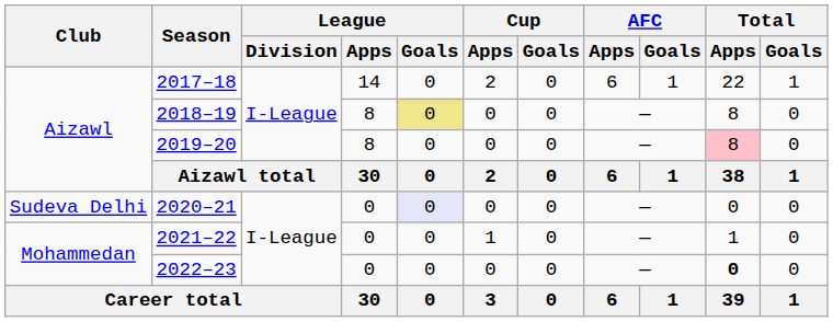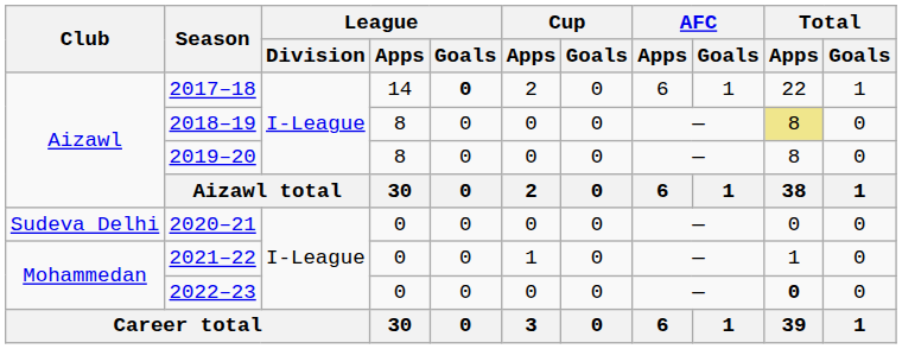 <table class="wikitable" style="text-align: center;">
 <tr>
 <th rowspan="2">Club</th>
 <th rowspan="2">Season</th>
 <th colspan="3">League</th>
 <th colspan="2">Cup</th>
 <th colspan="2"><a href='#'>AFC</a></th>
 <th colspan="2">Total</th>
 </tr>
 <tr>
 <th>Division</th>
 <th>Apps</th>
 <th>Goals</th>
 <th>Apps</th>
 <th>Goals</th>
 <th>Apps</th>
 <th>Goals</th>
 <th>Apps</th>
 <th>Goals</th>
 </tr>
 <tr>
 <td rowspan="4"><a href='#'>Aizawl</a></td>
 <td><a href='#'>2017–18</a></td>
 <td rowspan="3"><a href='#'>I-League</a></td>
 <td>14</td>
-<td>0</td>
+<td><strong>0</strong></td>
 <td>2</td>
 <td>0</td>
 <td>6</td>
 <td>1</td>
 <td>22</td>
 <td>1</td>
 </tr>
 <tr>
 <td><a href='#'>2018–19</a></td>
 <td>8</td>
-<td style="background: khaki;">0</td>
+<td>0</td>
 <td>0</td>
 <td>0</td>
 <td colspan="2">—</td>
-<td>8</td>
+<td style="background: khaki;">8</td>
 <td>0</td>
 </tr>
 <tr>
 <td><a href='#'>2019–20</a></td>
 <td>8</td>
 <td>0</td>
 <td>0</td>
 <td>0</td>
 <td colspan="2">—</td>
-<td style="background: pink;">8</td>
+<td>8</td>
 <td>0</td>
 </tr>
 <tr>
 <th colspan="2">Aizawl total</th>
 <th>30</th>
 <th>0</th>
 <th>2</th>
 <th>0</th>
 <th>6</th>
 <th>1</th>
 <th>38</th>
 <th>1</th>
 </tr>
 <tr>
 <td rowspan="1"><a href='#'>Sudeva Delhi</a></td>
 <td><a href='#'>2020–21</a></td>
 <td rowspan="3">I-League</td>
 <td>0</td>
-<td style="background: lavender;">0</td>
+<td>0</td>
 <td>0</td>
 <td>0</td>
 <td colspan="2">—</td>
 <td>0</td>
 <td>0</td>
 </tr>
 <tr>
 <td rowspan="2"><a href='#'>Mohammedan</a></td>
 <td><a href='#'>2021–22</a></td>
 <td>0</td>
 <td>0</td>
 <td>1</td>
 <td>0</td>
 <td colspan="2">—</td>
 <td>1</td>
 <td>0</td>
 </tr>
 <tr>
 <td><a href='#'>2022–23</a></td>
 <td>0</td>
 <td>0</td>
 <td>0</td>
 <td>0</td>
 <td colspan="2">—</td>
 <td><strong>0</strong></td>
 <td>0</td>
 </tr>
 <tr>
 <th colspan="3">Career total</th>
 <th>30</th>
 <th>0</th>
 <th>3</th>
 <th>0</th>
 <th>6</th>
 <th>1</th>
 <th>39</th>
 <th>1</th>
 </tr>
 </table>
